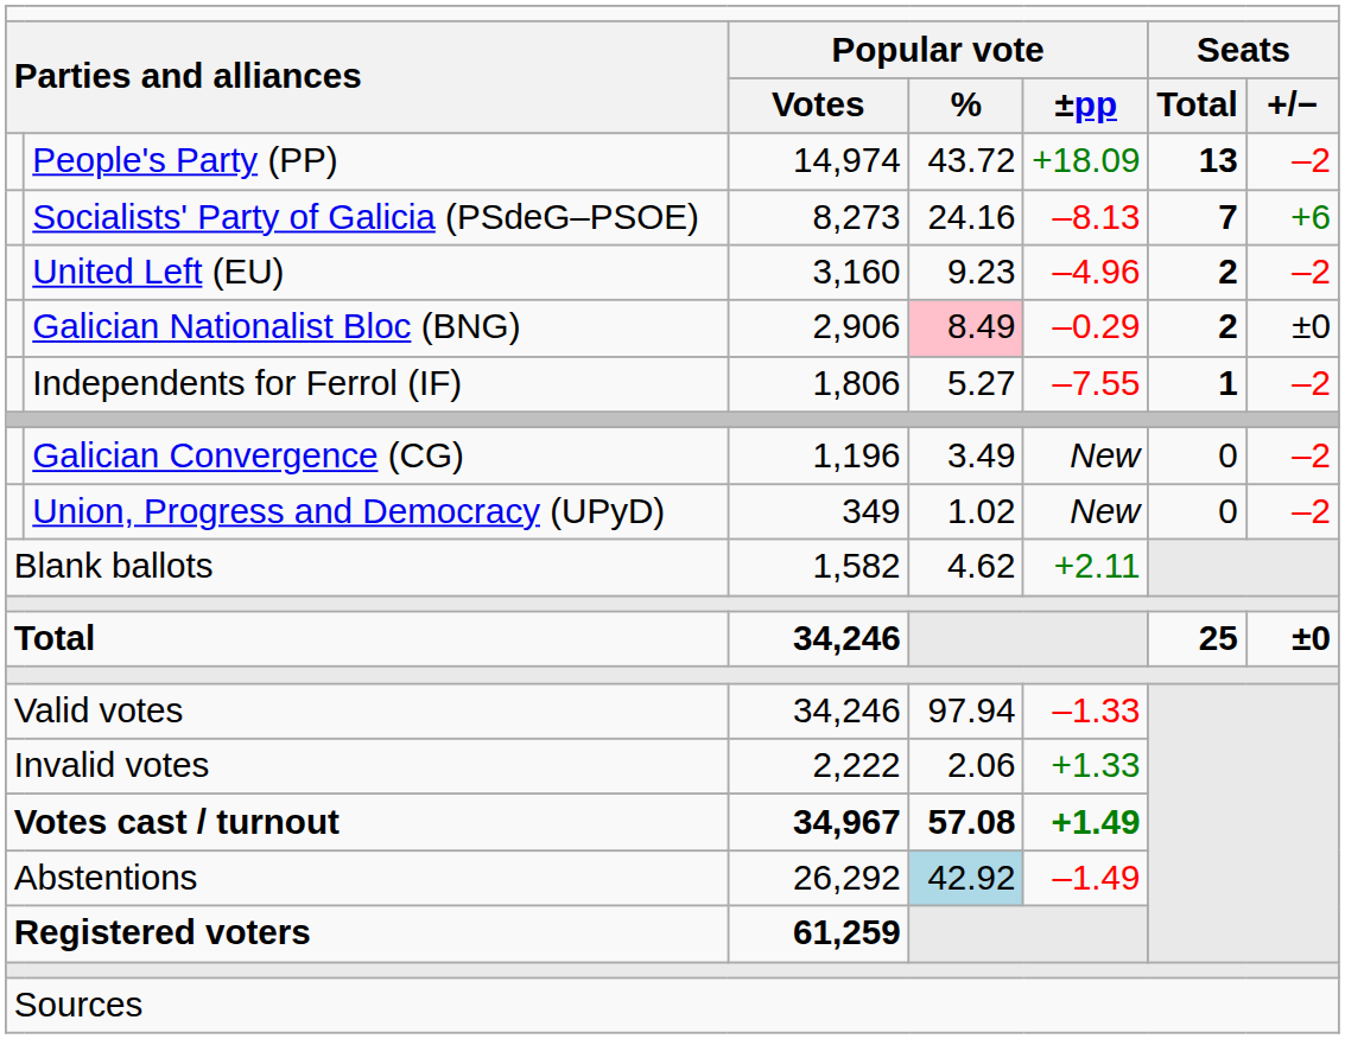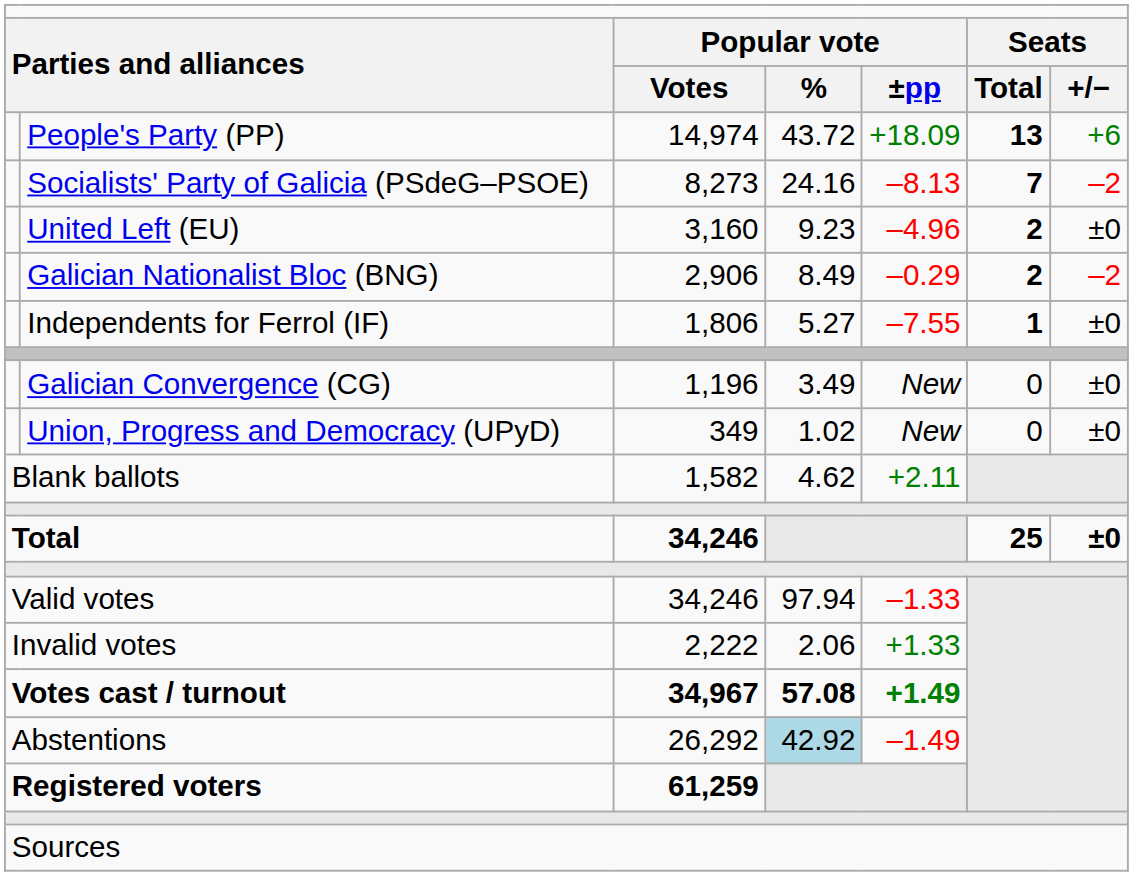 <table class="wikitable" style="text-align:right;">
 <tr>
 <td colspan="7"></td>
 </tr>
 <tr>
 <th style="text-align:left;" rowspan="2" colspan="2" width="525">Parties and alliances</th>
 <th colspan="3">Popular vote</th>
 <th colspan="2">Seats</th>
 </tr>
 <tr>
 <th width="75">Votes</th>
 <th width="45">%</th>
 <th width="45">±<a href='#'>pp</a></th>
 <th width="35">Total</th>
 <th width="35">+/−</th>
 </tr>
 <tr>
 <td width="1" style="color:inherit;background:"></td>
 <td align="left"><a href='#'>People's Party</a> (PP)</td>
 <td>14,974</td>
 <td>43.72</td>
 <td style="color:green;">+18.09</td>
 <td><strong>13</strong></td>
-<td style="color:red;">–2</td>
+<td style="color:green;">+6</td>
 </tr>
 <tr>
 <td style="color:inherit;background:"></td>
 <td align="left"><a href='#'>Socialists' Party of Galicia</a> (PSdeG–PSOE)</td>
 <td>8,273</td>
 <td>24.16</td>
 <td style="color:red;">–8.13</td>
 <td><strong>7</strong></td>
-<td style="color:green;">+6</td>
+<td style="color:red;">–2</td>
 </tr>
 <tr>
 <td style="color:inherit;background:"></td>
 <td align="left"><a href='#'>United Left</a> (EU)</td>
 <td>3,160</td>
 <td>9.23</td>
 <td style="color:red;">–4.96</td>
 <td><strong>2</strong></td>
-<td style="color:red;">–2</td>
+<td>±0</td>
 </tr>
 <tr>
 <td style="color:inherit;background:"></td>
 <td align="left"><a href='#'>Galician Nationalist Bloc</a> (BNG)</td>
 <td>2,906</td>
-<td style="background: pink;">8.49</td>
+<td>8.49</td>
 <td style="color:red;">–0.29</td>
 <td><strong>2</strong></td>
-<td>±0</td>
+<td style="color:red;">–2</td>
 </tr>
 <tr>
 <td style="color:inherit;background:"></td>
 <td align="left">Independents for Ferrol (IF)</td>
 <td>1,806</td>
 <td>5.27</td>
 <td style="color:red;">–7.55</td>
 <td><strong>1</strong></td>
-<td style="color:red;">–2</td>
+<td>±0</td>
 </tr>
 <tr>
 <td colspan="7" bgcolor="#C0C0C0"></td>
 </tr>
 <tr>
 <td style="color:inherit;background:"></td>
 <td align="left"><a href='#'>Galician Convergence</a> (CG)</td>
 <td>1,196</td>
 <td>3.49</td>
 <td><em>New</em></td>
 <td>0</td>
-<td style="color:red;">–2</td>
+<td>±0</td>
 </tr>
 <tr>
 <td style="color:inherit;background:"></td>
 <td align="left"><a href='#'>Union, Progress and Democracy</a> (UPyD)</td>
 <td>349</td>
 <td>1.02</td>
 <td><em>New</em></td>
 <td>0</td>
-<td style="color:red;">–2</td>
+<td>±0</td>
 </tr>
 <tr>
 <td align="left" colspan="2">Blank ballots</td>
 <td>1,582</td>
 <td>4.62</td>
 <td style="color:green;">+2.11</td>
 <td bgcolor="#E9E9E9" colspan="2"></td>
 </tr>
 <tr>
 <td colspan="7" bgcolor="#E9E9E9"></td>
 </tr>
 <tr style="font-weight:bold;">
 <td align="left" colspan="2">Total</td>
 <td>34,246</td>
 <td bgcolor="#E9E9E9" colspan="2"></td>
 <td>25</td>
 <td>±0</td>
 </tr>
 <tr>
 <td colspan="7" bgcolor="#E9E9E9"></td>
 </tr>
 <tr>
 <td align="left" colspan="2">Valid votes</td>
 <td>34,246</td>
 <td>97.94</td>
 <td style="color:red;">–1.33</td>
 <td bgcolor="#E9E9E9" colspan="2" rowspan="5"></td>
 </tr>
 <tr>
 <td align="left" colspan="2">Invalid votes</td>
 <td>2,222</td>
 <td>2.06</td>
 <td style="color:green;">+1.33</td>
 </tr>
 <tr style="font-weight:bold;">
 <td align="left" colspan="2">Votes cast / turnout</td>
 <td>34,967</td>
 <td>57.08</td>
 <td style="color:green;">+1.49</td>
 </tr>
 <tr>
 <td align="left" colspan="2">Abstentions</td>
 <td>26,292</td>
 <td style="background: lightblue;">42.92</td>
 <td style="color:red;">–1.49</td>
 </tr>
 <tr style="font-weight:bold;">
 <td align="left" colspan="2">Registered voters</td>
 <td>61,259</td>
 <td bgcolor="#E9E9E9" colspan="2"></td>
 </tr>
 <tr>
 <td colspan="7" bgcolor="#E9E9E9"></td>
 </tr>
 <tr>
 <td align="left" colspan="7">Sources</td>
 </tr>
 </table>
